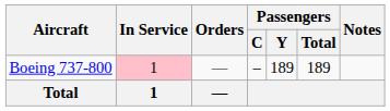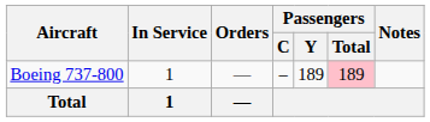 <table class="wikitable" style="border-collapse:collapse;text-align:center;margin:auto;">
 <tr>
 <th rowspan="2">Aircraft</th>
 <th rowspan="2">In Service</th>
 <th rowspan="2">Orders</th>
 <th colspan="3">Passengers</th>
 <th rowspan="2">Notes</th>
 </tr>
 <tr>
 <th><abbr>C</abbr></th>
 <th><abbr>Y</abbr></th>
 <th>Total</th>
 </tr>
 <tr>
 <td><a href='#'>Boeing 737-800</a></td>
-<td style="background: pink;">1</td>
+<td>1</td>
 <td>—</td>
 <td>–</td>
 <td>189</td>
-<td>189</td>
+<td style="background: pink;">189</td>
 <td></td>
 </tr>
 <tr>
 <th>Total</th>
 <th>1</th>
 <th>—</th>
 <th colspan="4"></th>
 </tr>
 </table>
